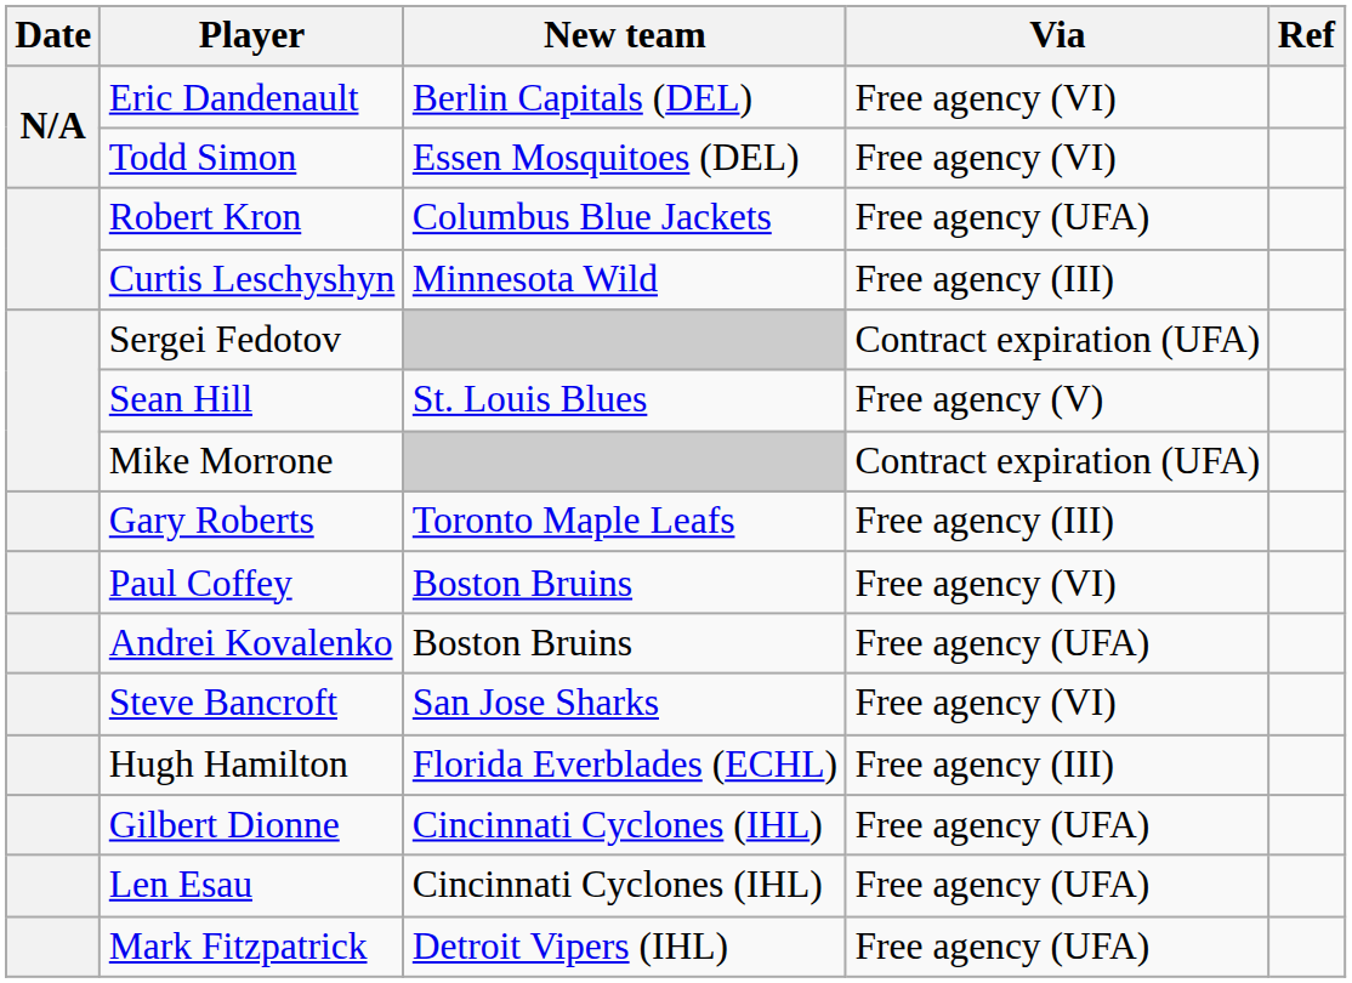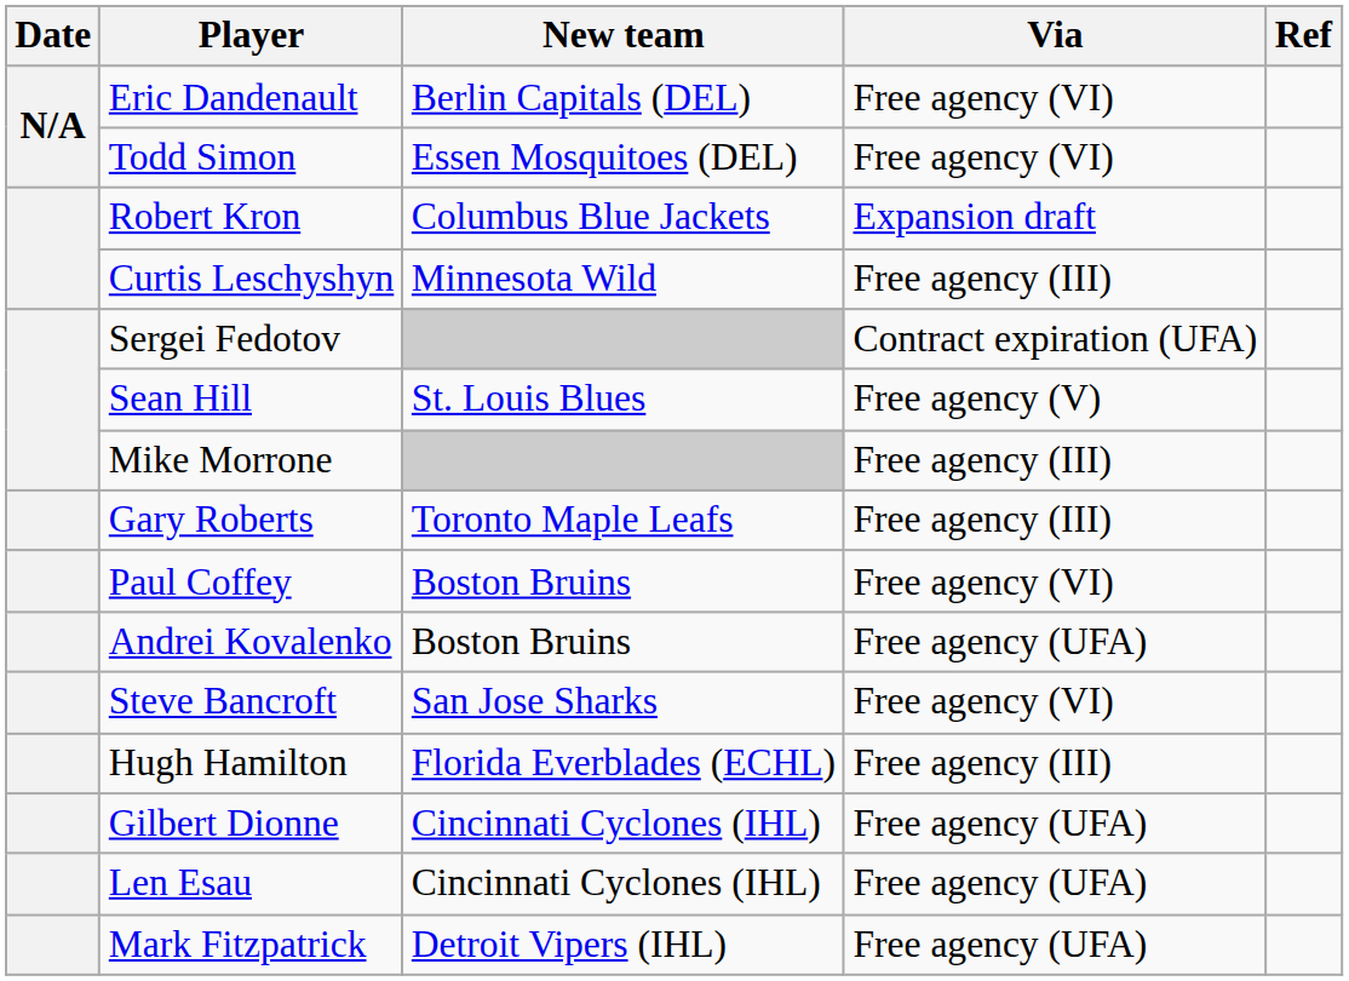 <table class="wikitable plainrowheaders">
 <tr style="background:#ddd; text-align:center;">
 <th>Date</th>
 <th>Player</th>
 <th>New team</th>
 <th>Via</th>
 <th>Ref</th>
 </tr>
 <tr>
 <th scope="row" rowspan=2>N/A</th>
 <td><a href='#'>Eric Dandenault</a></td>
 <td><a href='#'>Berlin Capitals</a> (<a href='#'>DEL</a>)</td>
 <td>Free agency (VI)</td>
 <td></td>
 </tr>
 <tr>
 <td><a href='#'>Todd Simon</a></td>
 <td><a href='#'>Essen Mosquitoes</a> (DEL)</td>
 <td>Free agency (VI)</td>
 <td></td>
 </tr>
 <tr>
 <th scope="row" rowspan=2></th>
 <td><a href='#'>Robert Kron</a></td>
 <td><a href='#'>Columbus Blue Jackets</a></td>
-<td>Free agency (UFA)</td>
+<td><a href='#'>Expansion draft</a></td>
 <td></td>
 </tr>
 <tr>
 <td><a href='#'>Curtis Leschyshyn</a></td>
 <td><a href='#'>Minnesota Wild</a></td>
 <td>Free agency (III)</td>
 <td></td>
 </tr>
 <tr>
 <th scope="row" rowspan=3></th>
 <td>Sergei Fedotov</td>
 <td style="background:#ccc"></td>
 <td>Contract expiration (UFA)</td>
 <td></td>
 </tr>
 <tr>
 <td><a href='#'>Sean Hill</a></td>
 <td><a href='#'>St. Louis Blues</a></td>
 <td>Free agency (V)</td>
 <td></td>
 </tr>
 <tr>
 <td>Mike Morrone</td>
 <td style="background:#ccc"></td>
-<td>Contract expiration (UFA)</td>
+<td>Free agency (III)</td>
 <td></td>
 </tr>
 <tr>
 <th scope="row"></th>
 <td><a href='#'>Gary Roberts</a></td>
 <td><a href='#'>Toronto Maple Leafs</a></td>
 <td>Free agency (III)</td>
 <td></td>
 </tr>
 <tr>
 <th scope="row"></th>
 <td><a href='#'>Paul Coffey</a></td>
 <td><a href='#'>Boston Bruins</a></td>
 <td>Free agency (VI)</td>
 <td></td>
 </tr>
 <tr>
 <th scope="row"></th>
 <td><a href='#'>Andrei Kovalenko</a></td>
 <td>Boston Bruins</td>
 <td>Free agency (UFA)</td>
 <td></td>
 </tr>
 <tr>
 <th scope="row"></th>
 <td><a href='#'>Steve Bancroft</a></td>
 <td><a href='#'>San Jose Sharks</a></td>
 <td>Free agency (VI)</td>
 <td></td>
 </tr>
 <tr>
 <th scope="row"></th>
 <td>Hugh Hamilton</td>
 <td><a href='#'>Florida Everblades</a> (<a href='#'>ECHL</a>)</td>
 <td>Free agency (III)</td>
 <td></td>
 </tr>
 <tr>
 <th scope="row"></th>
 <td><a href='#'>Gilbert Dionne</a></td>
 <td><a href='#'>Cincinnati Cyclones</a> (<a href='#'>IHL</a>)</td>
 <td>Free agency (UFA)</td>
 <td></td>
 </tr>
 <tr>
 <th scope="row"></th>
 <td><a href='#'>Len Esau</a></td>
 <td>Cincinnati Cyclones (IHL)</td>
 <td>Free agency (UFA)</td>
 <td></td>
 </tr>
 <tr>
 <th scope="row"></th>
 <td><a href='#'>Mark Fitzpatrick</a></td>
 <td><a href='#'>Detroit Vipers</a> (IHL)</td>
 <td>Free agency (UFA)</td>
 <td></td>
 </tr>
 </table>
